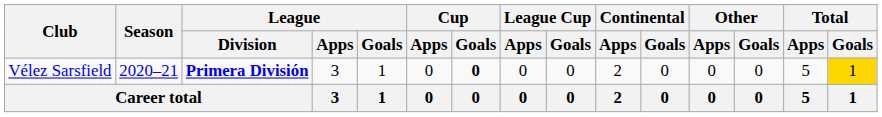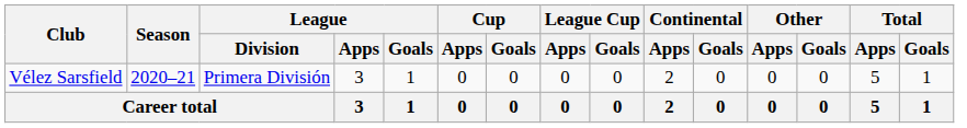 <table class="wikitable" style="text-align:center">
 <tr>
 <th rowspan="2">Club</th>
 <th rowspan="2">Season</th>
 <th colspan="3">League</th>
 <th colspan="2">Cup</th>
 <th colspan="2">League Cup</th>
 <th colspan="2">Continental</th>
 <th colspan="2">Other</th>
 <th colspan="2">Total</th>
 </tr>
 <tr>
 <th>Division</th>
 <th>Apps</th>
 <th>Goals</th>
 <th>Apps</th>
 <th>Goals</th>
 <th>Apps</th>
 <th>Goals</th>
 <th>Apps</th>
 <th>Goals</th>
 <th>Apps</th>
 <th>Goals</th>
 <th>Apps</th>
 <th>Goals</th>
 </tr>
 <tr>
 <td rowspan="1"><a href='#'>Vélez Sarsfield</a></td>
 <td><a href='#'>2020–21</a></td>
-<td rowspan="1"><strong><a href='#'>Primera División</a></strong></td>
+<td rowspan="1"><a href='#'>Primera División</a></td>
 <td>3</td>
 <td>1</td>
 <td>0</td>
-<td><strong>0</strong></td>
+<td>0</td>
 <td>0</td>
 <td>0</td>
 <td>2</td>
 <td>0</td>
 <td>0</td>
 <td>0</td>
 <td>5</td>
-<td style="background: gold;">1</td>
+<td>1</td>
 </tr>
 <tr>
 <th colspan="3">Career total</th>
 <th>3</th>
 <th>1</th>
 <th>0</th>
 <th>0</th>
 <th>0</th>
 <th>0</th>
 <th>2</th>
 <th>0</th>
 <th>0</th>
 <th>0</th>
 <th>5</th>
 <th>1</th>
 </tr>
 </table>
